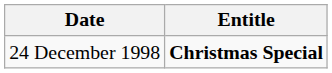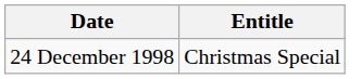 <table class="wikitable" style="text-align:center;">
 <tr>
 <th>Date</th>
 <th>Entitle</th>
 </tr>
 <tr>
 <td>24 December 1998</td>
-<td><strong>Christmas Special</strong></td>
+<td>Christmas Special</td>
 </tr>
 </table>
